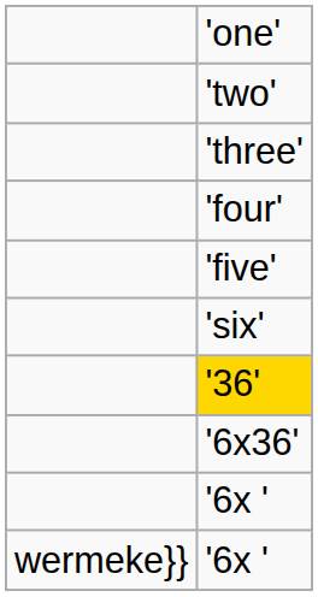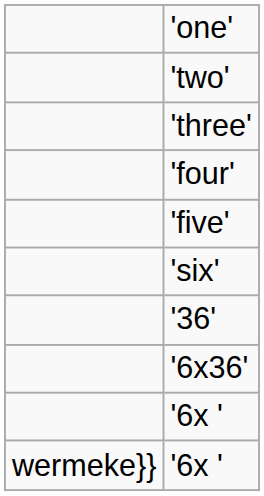 <table class="wikitable">
 <tr>
 <td></td>
 <td>'one'</td>
 </tr>
 <tr>
 <td></td>
 <td>'two'</td>
 </tr>
 <tr>
 <td></td>
 <td>'three'</td>
 </tr>
 <tr>
 <td></td>
 <td>'four'</td>
 </tr>
 <tr>
 <td></td>
 <td>'five'</td>
 </tr>
 <tr>
 <td></td>
 <td>'six'</td>
 </tr>
 <tr>
 <td></td>
-<td style="background: gold;">'36'</td>
+<td>'36'</td>
 </tr>
 <tr>
 <td></td>
 <td>'6x36'</td>
 </tr>
 <tr>
 <td></td>
 <td>'6x '</td>
 </tr>
 <tr>
 <td>wermeke}}</td>
 <td>'6x '</td>
 </tr>
 </table>
